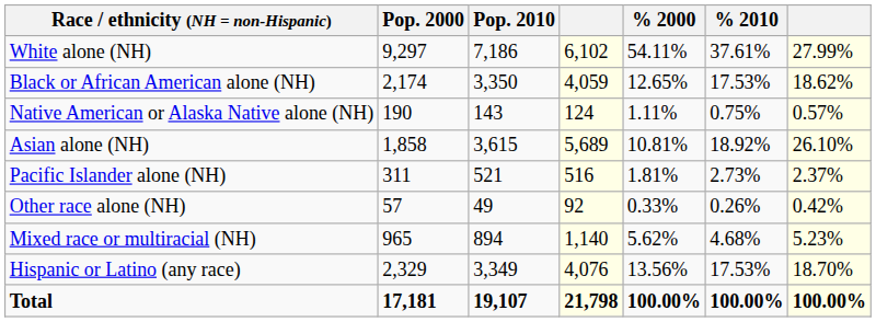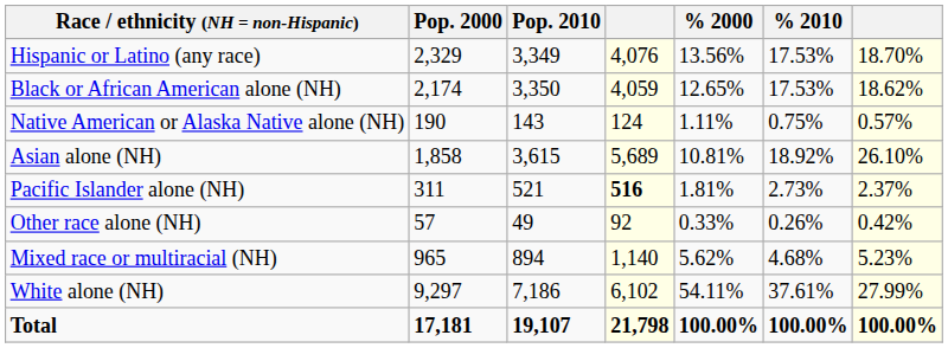 <table class="wikitable">
 <tr>
 <th>Race / ethnicity <small>(<em>NH = non-Hispanic</em>)</small></th>
 <th>Pop. 2000</th>
 <th>Pop. 2010</th>
 <th></th>
 <th>% 2000</th>
 <th>% 2010</th>
 <th></th>
 </tr>
 <tr>
-<td><a href='#'>White</a> alone (NH)</td>
-<td>9,297</td>
-<td>7,186</td>
-<td style='background: #ffffe6;'>6,102</td>
-<td>54.11%</td>
-<td>37.61%</td>
-<td style='background: #ffffe6;'>27.99%</td>
+<td><a href='#'>Hispanic or Latino</a> (any race)</td>
+<td>2,329</td>
+<td>3,349</td>
+<td style='background: #ffffe6;'>4,076</td>
+<td>13.56%</td>
+<td>17.53%</td>
+<td style='background: #ffffe6;'>18.70%</td>
 </tr>
 <tr>
 <td><a href='#'>Black or African American</a> alone (NH)</td>
 <td>2,174</td>
 <td>3,350</td>
 <td style='background: #ffffe6;'>4,059</td>
 <td>12.65%</td>
 <td>17.53%</td>
 <td style='background: #ffffe6;'>18.62%</td>
 </tr>
 <tr>
 <td><a href='#'>Native American</a> or <a href='#'>Alaska Native</a> alone (NH)</td>
 <td>190</td>
 <td>143</td>
 <td style='background: #ffffe6;'>124</td>
 <td>1.11%</td>
 <td>0.75%</td>
 <td style='background: #ffffe6;'>0.57%</td>
 </tr>
 <tr>
 <td><a href='#'>Asian</a> alone (NH)</td>
 <td>1,858</td>
 <td>3,615</td>
 <td style='background: #ffffe6;'>5,689</td>
 <td>10.81%</td>
 <td>18.92%</td>
 <td style='background: #ffffe6;'>26.10%</td>
 </tr>
 <tr>
 <td><a href='#'>Pacific Islander</a> alone (NH)</td>
 <td>311</td>
 <td>521</td>
-<td style='background: #ffffe6;'>516</td>
+<td style='background: #ffffe6;'><strong>516</strong></td>
 <td>1.81%</td>
 <td>2.73%</td>
 <td style='background: #ffffe6;'>2.37%</td>
 </tr>
 <tr>
 <td><a href='#'>Other race</a> alone (NH)</td>
 <td>57</td>
 <td>49</td>
 <td style='background: #ffffe6;'>92</td>
 <td>0.33%</td>
 <td>0.26%</td>
 <td style='background: #ffffe6;'>0.42%</td>
 </tr>
 <tr>
 <td><a href='#'>Mixed race or multiracial</a> (NH)</td>
 <td>965</td>
 <td>894</td>
 <td style='background: #ffffe6;'>1,140</td>
 <td>5.62%</td>
 <td>4.68%</td>
 <td style='background: #ffffe6;'>5.23%</td>
 </tr>
 <tr>
-<td><a href='#'>Hispanic or Latino</a> (any race)</td>
-<td>2,329</td>
-<td>3,349</td>
-<td style='background: #ffffe6;'>4,076</td>
-<td>13.56%</td>
-<td>17.53%</td>
-<td style='background: #ffffe6;'>18.70%</td>
+<td><a href='#'>White</a> alone (NH)</td>
+<td>9,297</td>
+<td>7,186</td>
+<td style='background: #ffffe6;'>6,102</td>
+<td>54.11%</td>
+<td>37.61%</td>
+<td style='background: #ffffe6;'>27.99%</td>
 </tr>
 <tr>
 <td><strong>Total</strong></td>
 <td><strong>17,181</strong></td>
 <td><strong>19,107</strong></td>
 <td style='background: #ffffe6;'><strong>21,798</strong></td>
 <td><strong>100.00%</strong></td>
 <td><strong>100.00%</strong></td>
 <td style='background: #ffffe6;'><strong>100.00%</strong></td>
 </tr>
 </table>
